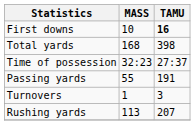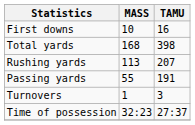 <table class="wikitable" style="float: left;">
 <tr>
 <th>Statistics</th>
 <th>MASS</th>
 <th>TAMU</th>
 </tr>
 <tr>
 <td>First downs</td>
 <td>10</td>
-<td><strong>16</strong></td>
+<td>16</td>
 </tr>
 <tr>
 <td>Total yards</td>
 <td>168</td>
 <td>398</td>
 </tr>
 <tr>
-<td>Time of possession</td>
-<td>32:23</td>
-<td>27:37</td>
+<td>Rushing yards</td>
+<td>113</td>
+<td>207</td>
 </tr>
 <tr>
 <td>Passing yards</td>
 <td>55</td>
 <td>191</td>
 </tr>
 <tr>
 <td>Turnovers</td>
 <td>1</td>
 <td>3</td>
 </tr>
 <tr>
-<td>Rushing yards</td>
-<td>113</td>
-<td>207</td>
+<td>Time of possession</td>
+<td>32:23</td>
+<td>27:37</td>
 </tr>
 <tr>
 </tr>
 </table>
